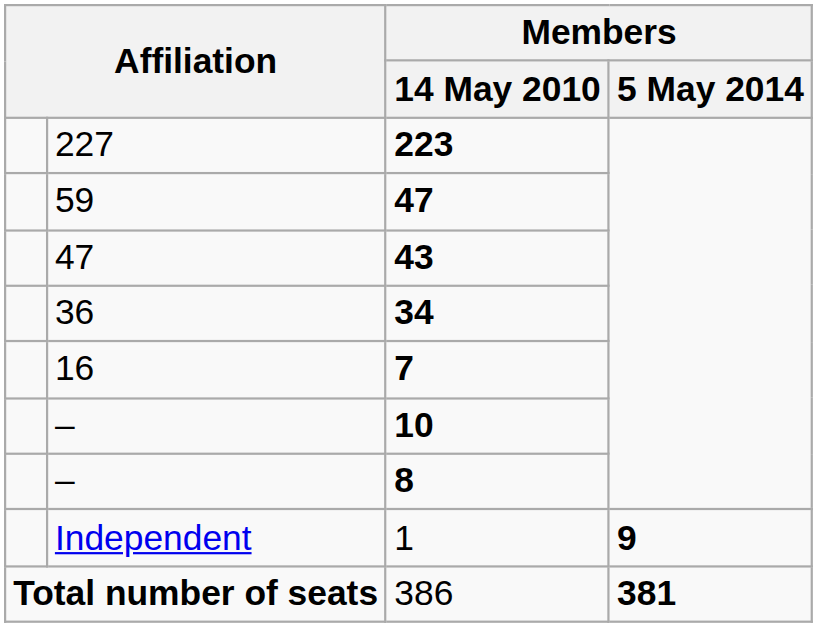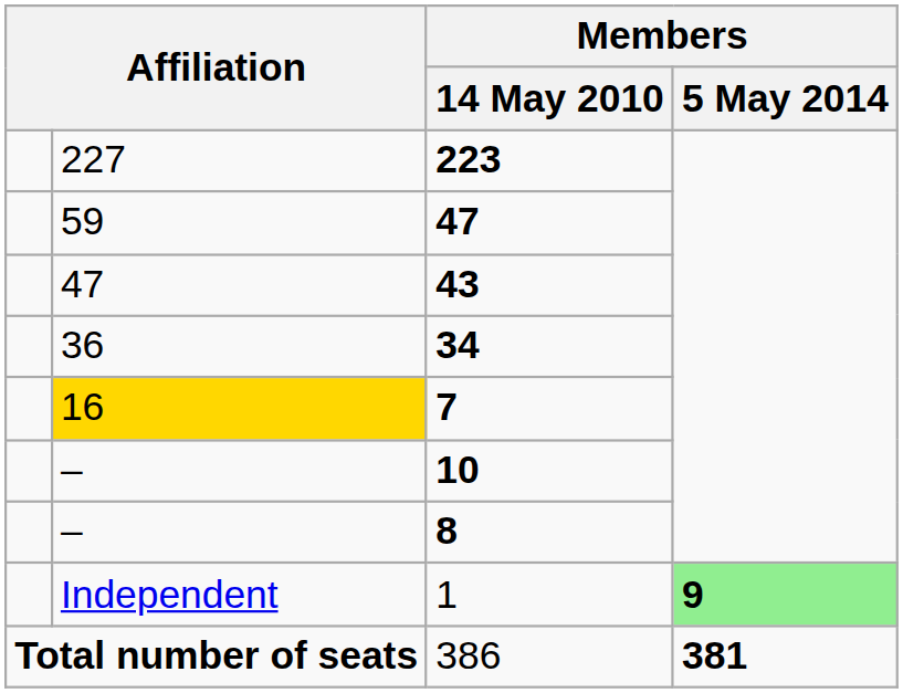 <table class="wikitable" border="1">
 <tr>
 <th colspan="2" rowspan="2" style="vertical-align:middle;">Affiliation</th>
 <th colspan="2" style="vertical-align:top;">Members</th>
 </tr>
 <tr>
 <th>14 May 2010</th>
 <th>5 May 2014</th>
 </tr>
 <tr>
 <td></td>
 <td>227</td>
 <td><strong>223</strong></td>
 </tr>
 <tr>
 <td></td>
 <td>59</td>
 <td><strong>47</strong></td>
 </tr>
 <tr>
 <td></td>
 <td>47</td>
 <td><strong>43</strong></td>
 </tr>
 <tr>
 <td></td>
 <td>36</td>
 <td><strong>34</strong></td>
 </tr>
 <tr>
 <td></td>
-<td>16</td>
+<td style="background: gold;">16</td>
 <td><strong>7</strong></td>
 </tr>
 <tr>
 <td></td>
 <td>–</td>
 <td><strong>10</strong></td>
 </tr>
 <tr>
 <td></td>
 <td>–</td>
 <td><strong>8</strong></td>
 </tr>
 <tr>
 <td style="background-color:"> </td>
 <td><a href='#'>Independent</a> <br></td>
 <td>1</td>
-<td><strong>9</strong></td>
+<td style="background: lightgreen;"><strong>9</strong></td>
 </tr>
 <tr>
 <td colspan="2" rowspan="1"><strong>Total number of seats</strong><br></td>
 <td>386</td>
 <td><strong>381</strong></td>
 </tr>
 </table>
